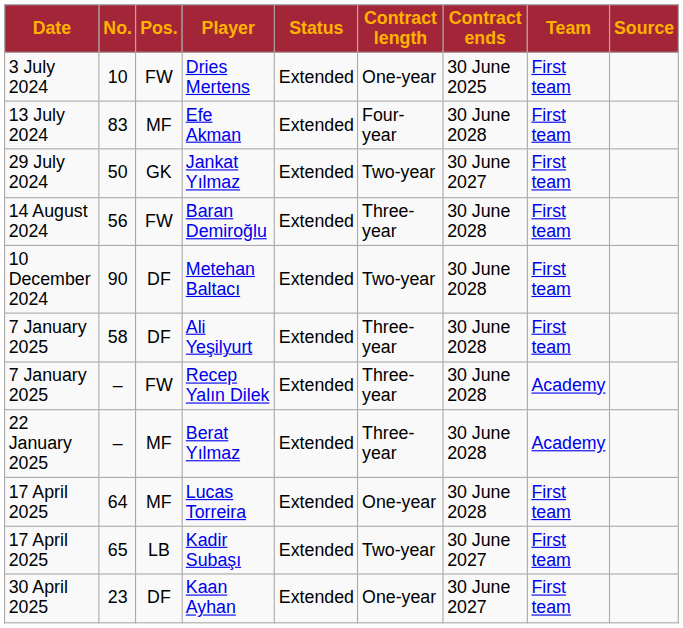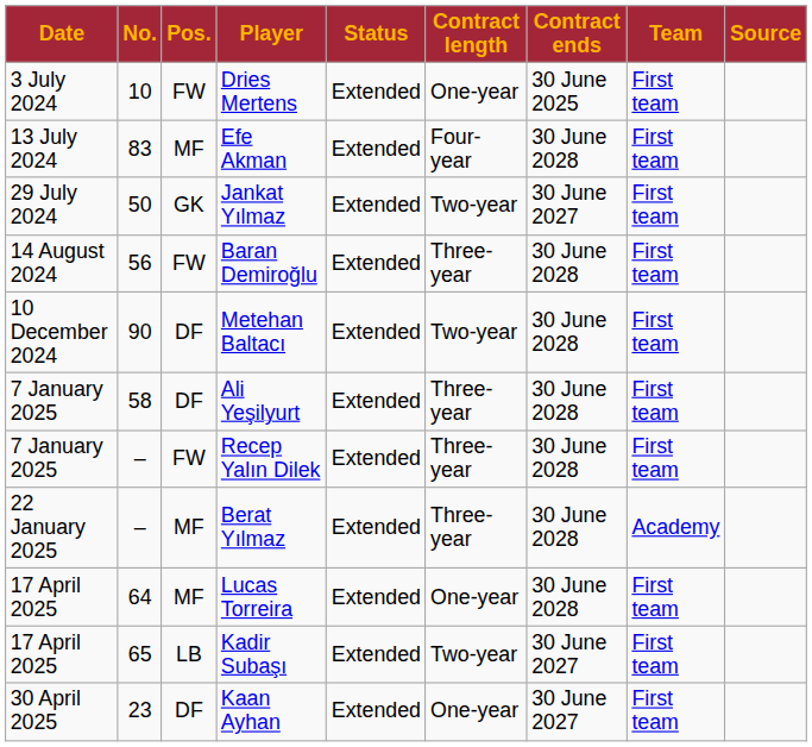 <table class="wikitable plainrowheaders sortable">
 <tr>
 <th style="background:#A32638; color:#FFB300; ">Date</th>
 <th style="background:#A32638; color:#FFB300; ">No.</th>
 <th style="background:#A32638; color:#FFB300; ">Pos.</th>
 <th style="background:#A32638; color:#FFB300; ">Player</th>
 <th style="background:#A32638; color:#FFB300; ">Status</th>
 <th style="background:#A32638; color:#FFB300; ">Contract length</th>
 <th style="background:#A32638; color:#FFB300; ">Contract ends</th>
 <th style="background:#A32638; color:#FFB300; ">Team</th>
 <th style="background:#A32638; color:#FFB300; ">Source</th>
 </tr>
 <tr>
 <td>3 July 2024</td>
 <td align=center>10</td>
 <td align=center>FW</td>
 <td> <a href='#'>Dries Mertens</a></td>
 <td>Extended</td>
 <td>One-year</td>
 <td>30 June 2025</td>
 <td><a href='#'>First team</a></td>
 <td></td>
 </tr>
 <tr>
 <td>13 July 2024</td>
 <td align=center>83</td>
 <td align=center>MF</td>
 <td> <a href='#'>Efe Akman</a></td>
 <td>Extended</td>
 <td>Four-year</td>
 <td>30 June 2028</td>
 <td><a href='#'>First team</a></td>
 <td></td>
 </tr>
 <tr>
 <td>29 July 2024</td>
 <td align=center>50</td>
 <td align=center>GK</td>
 <td> <a href='#'>Jankat Yılmaz</a></td>
 <td>Extended</td>
 <td>Two-year</td>
 <td>30 June 2027</td>
 <td><a href='#'>First team</a></td>
 <td></td>
 </tr>
 <tr>
 <td>14 August 2024</td>
 <td align=center>56</td>
 <td align=center>FW</td>
 <td> <a href='#'>Baran Demiroğlu</a></td>
 <td>Extended</td>
 <td>Three-year</td>
 <td>30 June 2028</td>
 <td><a href='#'>First team</a></td>
 <td></td>
 </tr>
 <tr>
 <td>10 December 2024</td>
 <td align=center>90</td>
 <td align=center>DF</td>
 <td> <a href='#'>Metehan Baltacı</a></td>
 <td>Extended</td>
 <td>Two-year</td>
 <td>30 June 2028</td>
 <td><a href='#'>First team</a></td>
 <td></td>
 </tr>
 <tr>
 <td>7 January 2025</td>
 <td align=center>58</td>
 <td align=center>DF</td>
 <td> <a href='#'>Ali Yeşilyurt</a></td>
 <td>Extended</td>
 <td>Three-year</td>
 <td>30 June 2028</td>
 <td><a href='#'>First team</a></td>
 <td></td>
 </tr>
 <tr>
 <td>7 January 2025</td>
 <td align=center>–</td>
 <td align=center>FW</td>
 <td> <a href='#'>Recep Yalın Dilek</a></td>
 <td>Extended</td>
 <td>Three-year</td>
 <td>30 June 2028</td>
-<td><a href='#'>Academy</a></td>
+<td><a href='#'>First team</a></td>
 <td></td>
 </tr>
 <tr>
 <td>22 January 2025</td>
 <td align=center>–</td>
 <td align=center>MF</td>
 <td> <a href='#'>Berat Yılmaz</a></td>
 <td>Extended</td>
 <td>Three-year</td>
 <td>30 June 2028</td>
 <td><a href='#'>Academy</a></td>
 <td></td>
 </tr>
 <tr>
 <td>17 April 2025</td>
 <td align=center>64</td>
 <td align=center>MF</td>
 <td> <a href='#'>Lucas Torreira</a></td>
 <td>Extended</td>
 <td>One-year</td>
 <td>30 June 2028</td>
 <td><a href='#'>First team</a></td>
 <td></td>
 </tr>
 <tr>
 <td>17 April 2025</td>
 <td align=center>65</td>
 <td align=center>LB</td>
 <td> <a href='#'>Kadir Subaşı</a></td>
 <td>Extended</td>
 <td>Two-year</td>
 <td>30 June 2027</td>
 <td><a href='#'>First team</a></td>
 <td></td>
 </tr>
 <tr>
 <td>30 April 2025</td>
 <td align=center>23</td>
 <td align=center>DF</td>
 <td> <a href='#'>Kaan Ayhan</a></td>
 <td>Extended</td>
 <td>One-year</td>
 <td>30 June 2027</td>
 <td><a href='#'>First team</a></td>
 <td></td>
 </tr>
 </table>
